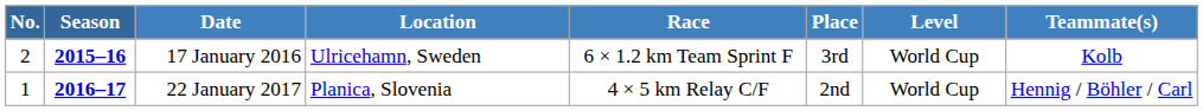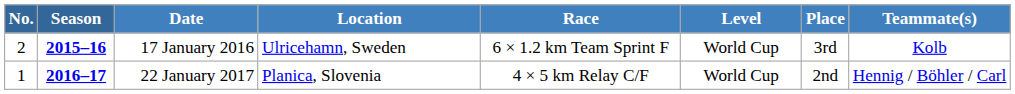 <table class="wikitable sortable" style="font-size:95%; text-align:center; border:grey solid 1px; border-collapse:collapse; background:#ffffff;">
 <tr style="background:#efefef;">
 <th style="background-color:#369; color:white;">No.</th>
 <th style="background-color:#369; color:white;">Season</th>
 <th style="background-color:#4180be; color:white; width:120px;">Date</th>
 <th style="background-color:#4180be; color:white; width:190px;">Location</th>
 <th style="background-color:#4180be; color:white; width:170px;">Race</th>
+<th style="background-color:#4180be; color:white; width:100px;">Level</th>
 <th style="background-color:#4180be; color:white;">Place</th>
-<th style="background-color:#4180be; color:white; width:100px;">Level</th>
 <th style="background-color:#4180be; color:white;">Teammate(s)</th>
 </tr>
 <tr>
 <td align=center>2</td>
 <td rowspan=1 align=center><strong> <a href='#'>2015–16</a> </strong></td>
 <td align=right>17 January 2016</td>
 <td align=left> <a href='#'>Ulricehamn</a>, Sweden</td>
 <td>6 × 1.2 km Team Sprint F</td>
+<td>World Cup</td>
 <td>3rd</td>
-<td>World Cup</td>
 <td><a href='#'>Kolb</a></td>
 </tr>
 <tr>
 <td align=center>1</td>
 <td rowspan=1 align=center><strong> <a href='#'>2016–17</a> </strong></td>
 <td align=right>22 January 2017</td>
 <td align=left> <a href='#'>Planica</a>, Slovenia</td>
 <td>4 × 5 km Relay C/F</td>
+<td>World Cup</td>
 <td>2nd</td>
-<td>World Cup</td>
 <td><a href='#'>Hennig</a> / <a href='#'>Böhler</a> / <a href='#'>Carl</a></td>
 </tr>
 </table>
